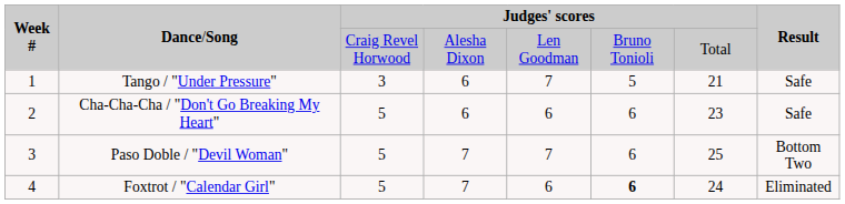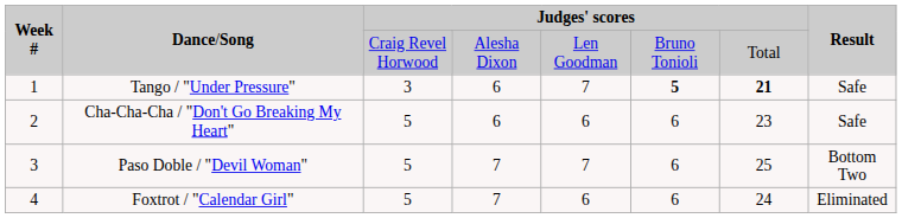 <table class="wikitable" style="margin:auto;">
 <tr style="text-align:Center; background:#ccc;">
 <td rowspan="2"><strong>Week #</strong></td>
 <td rowspan="2"><strong>Dance</strong>/<strong>Song</strong></td>
 <td colspan="5"><strong>Judges' scores</strong></td>
 <td rowspan="2"><strong>Result</strong></td>
 </tr>
 <tr style="text-align:center; background:#ccc;">
 <td style="width:10%; "><a href='#'>Craig Revel Horwood</a></td>
 <td style="width:10%; "><a href='#'>Alesha Dixon</a></td>
 <td style="width:10%; "><a href='#'>Len Goodman</a></td>
 <td style="width:10%; "><a href='#'>Bruno Tonioli</a></td>
 <td style="width:10%; ">Total</td>
 </tr>
 <tr style="text-align:center; background:#faf6f6;">
 <td>1</td>
 <td>Tango / "<a href='#'>Under Pressure</a>"</td>
 <td>3</td>
 <td>6</td>
 <td>7</td>
-<td>5</td>
-<td>21</td>
+<td><strong>5</strong></td>
+<td><strong>21</strong></td>
 <td>Safe</td>
 </tr>
 <tr style="text-align:center; background:#faf6f6;">
 <td>2</td>
 <td>Cha-Cha-Cha / "<a href='#'>Don't Go Breaking My Heart</a>"</td>
 <td>5</td>
 <td>6</td>
 <td>6</td>
 <td>6</td>
 <td>23</td>
 <td>Safe</td>
 </tr>
 <tr style="text-align:center; background:#faf6f6;">
 <td>3</td>
 <td>Paso Doble / "<a href='#'>Devil Woman</a>"</td>
 <td>5</td>
 <td>7</td>
 <td>7</td>
 <td>6</td>
 <td>25</td>
 <td>Bottom Two</td>
 </tr>
 <tr style="text-align:center; background:#faf6f6;">
 <td>4</td>
 <td>Foxtrot / "<a href='#'>Calendar Girl</a>"</td>
 <td>5</td>
 <td>7</td>
 <td>6</td>
-<td><strong>6</strong></td>
+<td>6</td>
 <td>24</td>
 <td>Eliminated</td>
 </tr>
 </table>
